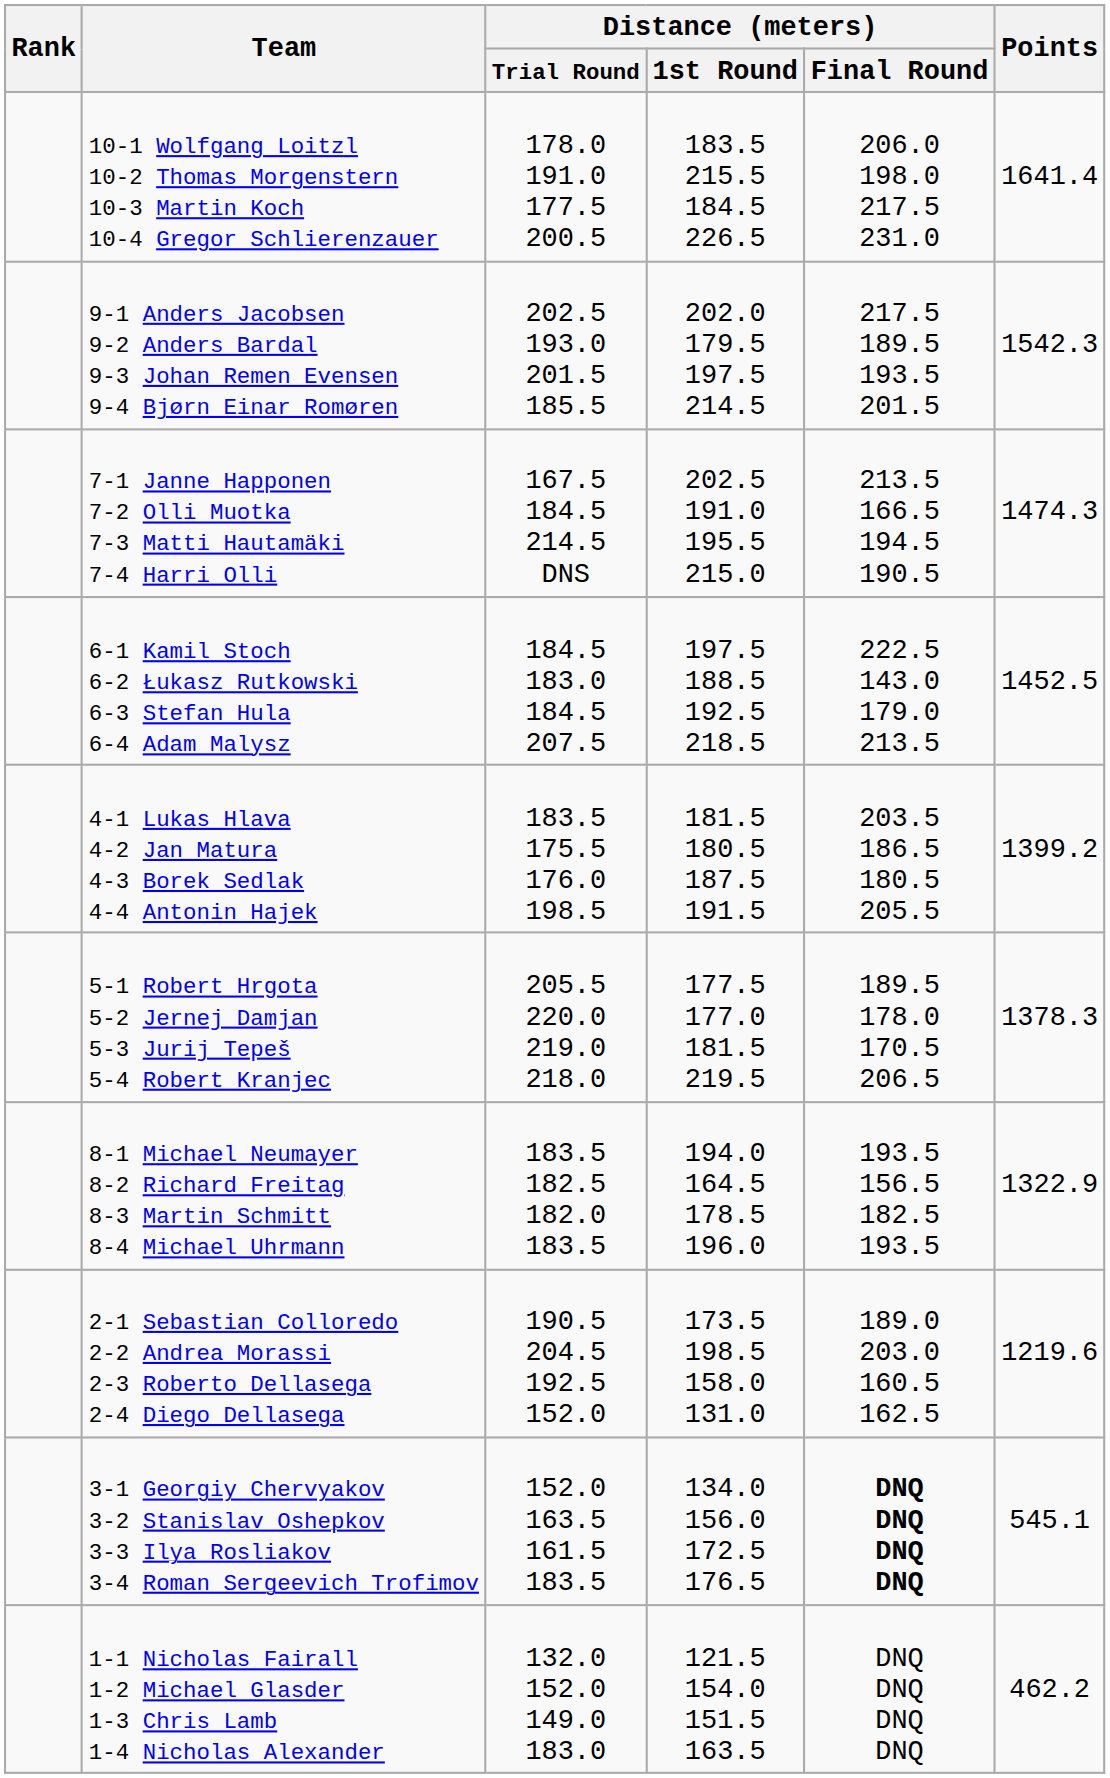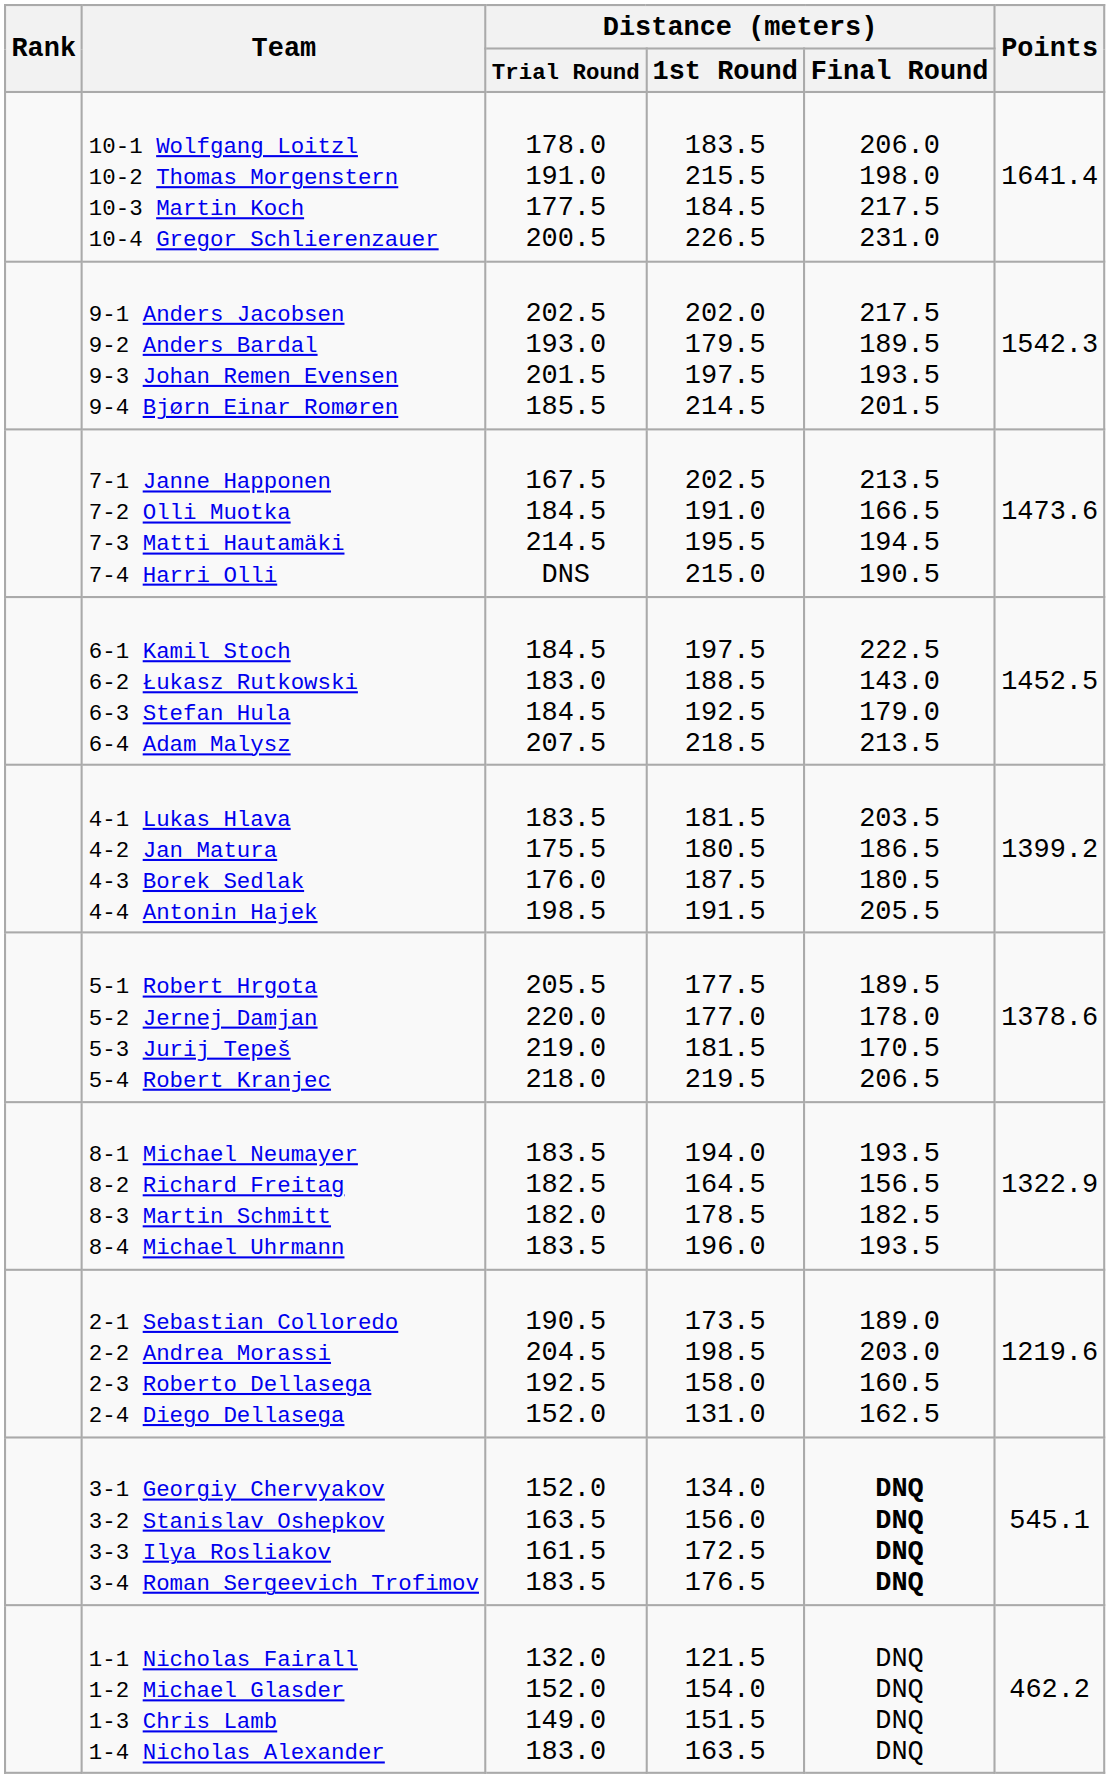 <table class="wikitable sortable" style="text-align:center">
 <tr>
 <th rowspan=2>Rank</th>
 <th rowspan=2>Team</th>
 <th colspan=3>Distance (meters)</th>
 <th rowspan=2>Points <br></th>
 </tr>
 <tr>
 <th><small>Trial Round</small></th>
 <th><strong>1st Round</strong></th>
 <th><strong>Final Round</strong></th>
 </tr>
 <tr>
 <td></td>
 <td align=left><strong></strong><br><small>10-1 <a href='#'>Wolfgang Loitzl</a></small><br><small>10-2 <a href='#'>Thomas Morgenstern</a></small><br><small>10-3 <a href='#'>Martin Koch</a></small><br><small>10-4 <a href='#'>Gregor Schlierenzauer</a></small></td>
 <td align=center><br>178.0<br>191.0<br>177.5<br>200.5</td>
 <td align=center><br>183.5<br>215.5<br>184.5<br>226.5</td>
 <td align=center><br>206.0<br>198.0<br>217.5<br>231.0</td>
 <td>1641.4</td>
 </tr>
 <tr>
 <td></td>
 <td align=left><strong></strong><br><small>9-1 <a href='#'>Anders Jacobsen</a></small><br><small>9-2 <a href='#'>Anders Bardal</a></small><br><small>9-3 <a href='#'>Johan Remen Evensen</a></small><br><small>9-4 <a href='#'>Bjørn Einar Romøren</a></small></td>
 <td align=center><br>202.5<br>193.0<br>201.5<br>185.5</td>
 <td align=center><br>202.0<br>179.5<br>197.5<br>214.5</td>
 <td align=center><br>217.5<br>189.5<br>193.5<br>201.5</td>
 <td>1542.3</td>
 </tr>
 <tr>
 <td></td>
 <td align=left><strong></strong><br><small>7-1 <a href='#'>Janne Happonen</a> </small><br><small>7-2 <a href='#'>Olli Muotka</a></small><br><small>7-3 <a href='#'>Matti Hautamäki</a></small><br><small>7-4 <a href='#'>Harri Olli</a></small></td>
 <td align=center><br>167.5<br>184.5<br>214.5<br>DNS</td>
 <td align=center><br>202.5<br>191.0<br>195.5<br>215.0</td>
 <td align=center><br>213.5<br>166.5<br>194.5<br>190.5</td>
-<td>1474.3</td>
+<td>1473.6</td>
 </tr>
 <tr>
 <td></td>
 <td align=left><strong></strong><br><small>6-1 <a href='#'>Kamil Stoch</a> </small><br><small>6-2 <a href='#'>Łukasz Rutkowski</a></small><br><small>6-3 <a href='#'>Stefan Hula</a></small><br><small>6-4 <a href='#'>Adam Malysz</a></small></td>
 <td align=center><br>184.5<br>183.0<br>184.5<br>207.5</td>
 <td align=center><br>197.5<br>188.5<br>192.5<br>218.5</td>
 <td align=center><br>222.5<br>143.0<br>179.0<br>213.5</td>
 <td>1452.5</td>
 </tr>
 <tr>
 <td></td>
 <td align=left><strong></strong><br><small>4-1 <a href='#'>Lukas Hlava</a> </small><br><small>4-2 <a href='#'>Jan Matura</a></small><br><small>4-3 <a href='#'>Borek Sedlak</a></small><br><small>4-4 <a href='#'>Antonin Hajek</a></small></td>
 <td align=center><br>183.5<br>175.5<br>176.0<br>198.5</td>
 <td align=center><br>181.5<br>180.5<br>187.5<br>191.5</td>
 <td align=center><br>203.5<br>186.5<br>180.5<br>205.5</td>
 <td>1399.2</td>
 </tr>
 <tr>
 <td></td>
 <td align=left><strong></strong><br><small>5-1 <a href='#'>Robert Hrgota</a> </small><br><small>5-2 <a href='#'>Jernej Damjan</a></small><br><small>5-3 <a href='#'>Jurij Tepeš</a></small><br><small>5-4 <a href='#'>Robert Kranjec</a></small></td>
 <td align=center><br>205.5<br>220.0<br>219.0<br>218.0</td>
 <td align=center><br>177.5<br>177.0<br>181.5<br>219.5</td>
 <td align=center><br>189.5<br>178.0<br>170.5<br>206.5</td>
-<td>1378.3</td>
+<td>1378.6</td>
 </tr>
 <tr>
 <td></td>
 <td align=left><strong></strong><br><small>8-1 <a href='#'>Michael Neumayer</a> </small><br><small>8-2 <a href='#'>Richard Freitag</a></small><br><small>8-3 <a href='#'>Martin Schmitt</a></small><br><small>8-4 <a href='#'>Michael Uhrmann</a></small></td>
 <td align=center><br>183.5<br>182.5<br>182.0<br>183.5</td>
 <td align=center><br>194.0<br>164.5<br>178.5<br>196.0</td>
 <td align=center><br>193.5<br>156.5<br>182.5<br>193.5</td>
 <td>1322.9</td>
 </tr>
 <tr>
 <td></td>
 <td align=left><strong></strong><br><small>2-1 <a href='#'>Sebastian Colloredo</a> </small><br><small>2-2 <a href='#'>Andrea Morassi</a></small><br><small>2-3 <a href='#'>Roberto Dellasega</a></small><br><small>2-4 <a href='#'>Diego Dellasega</a></small></td>
 <td align=center><br>190.5<br>204.5<br>192.5<br>152.0</td>
 <td align=center><br>173.5<br>198.5<br>158.0<br>131.0</td>
 <td align=center><br>189.0<br>203.0<br>160.5<br>162.5</td>
 <td>1219.6</td>
 </tr>
 <tr>
 <td></td>
 <td align=left><strong></strong><br><small>3-1 <a href='#'>Georgiy Chervyakov</a> </small><br><small>3-2 <a href='#'>Stanislav Oshepkov</a></small><br><small>3-3 <a href='#'>Ilya Rosliakov</a></small><br><small>3-4 <a href='#'>Roman Sergeevich Trofimov</a></small></td>
 <td align=center><br>152.0<br>163.5<br>161.5<br>183.5</td>
 <td align=center><br>134.0<br>156.0<br>172.5<br>176.5</td>
 <td align=center><strong><br>DNQ<br>DNQ<br>DNQ<br>DNQ</strong></td>
 <td>545.1</td>
 </tr>
 <tr>
 <td></td>
 <td align=left><strong></strong><br><small>1-1 <a href='#'>Nicholas Fairall</a> </small><br><small>1-2 <a href='#'>Michael Glasder</a></small><br><small>1-3 <a href='#'>Chris Lamb</a></small><br><small>1-4 <a href='#'>Nicholas Alexander</a></small></td>
 <td align=center><br>132.0<br>152.0<br>149.0<br>183.0</td>
 <td align=center><br>121.5<br>154.0<br>151.5<br>163.5</td>
 <td align=center><br>DNQ<br>DNQ<br>DNQ <br>DNQ</td>
 <td>462.2</td>
 </tr>
 </table>
